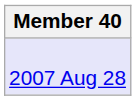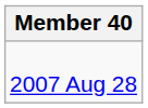 <table class=wikitable align=right>
 <tr>
 <th>Member 40</th>
 </tr>
 <tr>
-<td style="background: lavender;"><br><a href='#'>2007 Aug 28</a></td>
+<td><br><a href='#'>2007 Aug 28</a></td>
 </tr>
 </table>
